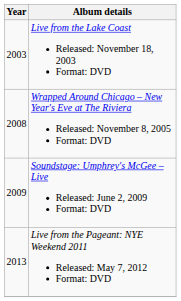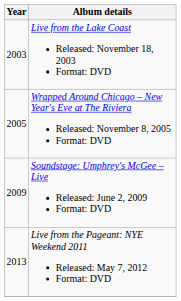 <table class="wikitable">
 <tr>
 <th>Year</th>
 <th style="width:230px;">Album details</th>
 </tr>
 <tr>
 <td align="center">2003</td>
 <td><em><a href='#'>Live from the Lake Coast</a></em><br><ul><li>Released: November 18, 2003</li><li>Format: DVD</li></ul></td>
 </tr>
 <tr>
-<td align="center">2008</td>
+<td align="center">2005</td>
 <td><em><a href='#'>Wrapped Around Chicago – New Year's Eve at The Riviera</a></em><br><ul><li>Released: November 8, 2005</li><li>Format: DVD</li></ul></td>
 </tr>
 <tr>
 <td align="center">2009</td>
 <td><em><a href='#'>Soundstage: Umphrey's McGee – Live</a></em><br><ul><li>Released: June 2, 2009</li><li>Format: DVD</li></ul></td>
 </tr>
 <tr>
 <td align="center">2013</td>
 <td><em>Live from the Pageant: NYE Weekend 2011</em><br><ul><li>Released: May 7, 2012</li><li>Format: DVD</li></ul></td>
 </tr>
 <tr>
 </tr>
 </table>
